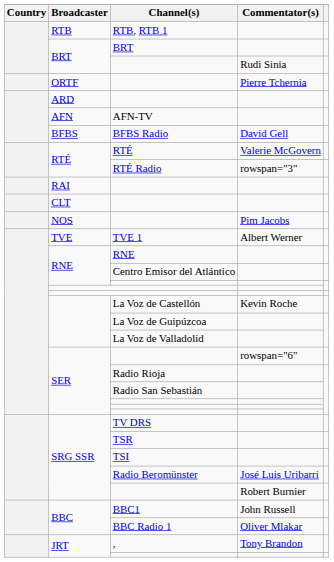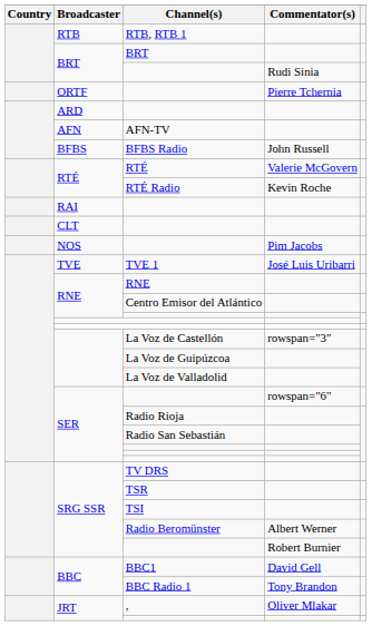 <table class="wikitable plainrowheaders">
 <tr>
 </tr>
 <tr>
 <th scope="col">Country</th>
 <th scope="col">Broadcaster</th>
 <th scope="col">Channel(s)</th>
 <th scope="col">Commentator(s)</th>
 <th scope="col"></th>
 </tr>
 <tr>
 <th scope="rowgroup" rowspan="3"></th>
 <td><a href='#'>RTB</a></td>
 <td><a href='#'>RTB</a>, <a href='#'>RTB 1</a></td>
 <td></td>
 <td style="text-align:center"></td>
 </tr>
 <tr>
 <td rowspan="2"><a href='#'>BRT</a></td>
 <td><a href='#'>BRT</a></td>
 <td></td>
 <td style="text-align:center"></td>
 </tr>
 <tr>
 <td></td>
 <td>Rudi Sinia</td>
 <td style="text-align:center"></td>
 </tr>
 <tr>
 <th scope="row"></th>
 <td><a href='#'>ORTF</a></td>
 <td></td>
 <td><a href='#'>Pierre Tchernia</a></td>
 <td style="text-align:center"></td>
 </tr>
 <tr>
 <th scope="rowgroup" rowspan="3"></th>
 <td><a href='#'>ARD</a></td>
 <td></td>
 <td></td>
 <td style="text-align:center"></td>
 </tr>
 <tr>
 <td><a href='#'>AFN</a></td>
 <td>AFN-TV</td>
 <td></td>
 <td style="text-align:center"></td>
 </tr>
 <tr>
 <td><a href='#'>BFBS</a></td>
 <td><a href='#'>BFBS Radio</a></td>
-<td><a href='#'>David Gell</a></td>
+<td>John Russell</td>
 <td style="text-align:center"></td>
 </tr>
 <tr>
 <th scope="rowgroup" rowspan="2"></th>
 <td rowspan="2"><a href='#'>RTÉ</a></td>
 <td><a href='#'>RTÉ</a></td>
 <td><a href='#'>Valerie McGovern</a></td>
 <td style="text-align:center"></td>
 </tr>
 <tr>
 <td><a href='#'>RTÉ Radio</a></td>
-<td>rowspan="3" </td>
+<td>Kevin Roche</td>
 <td style="text-align:center"></td>
 </tr>
 <tr>
 <th scope="row"></th>
 <td><a href='#'>RAI</a></td>
 <td></td>
 <td></td>
 <td style="text-align:center"></td>
 </tr>
 <tr>
 <th scope="row"></th>
 <td><a href='#'>CLT</a></td>
 <td></td>
 <td></td>
 <td style="text-align:center"></td>
 </tr>
 <tr>
 <th scope="row"></th>
 <td><a href='#'>NOS</a></td>
 <td></td>
 <td><a href='#'>Pim Jacobs</a></td>
 <td style="text-align:center"></td>
 </tr>
 <tr>
 <th scope="rowgroup" rowspan="15"></th>
 <td><a href='#'>TVE</a></td>
 <td><a href='#'>TVE 1</a></td>
-<td>Albert Werner</td>
+<td><a href='#'>José Luis Uribarri</a></td>
 <td style="text-align:center"></td>
 </tr>
 <tr>
 <td rowspan="3"><a href='#'>RNE</a></td>
 <td><a href='#'>RNE</a></td>
 <td></td>
 <td style="text-align:center"></td>
 </tr>
 <tr>
 <td>Centro Emisor del Atlántico</td>
 <td></td>
 <td style="text-align:center"></td>
 </tr>
 <tr>
 <td></td>
 <td></td>
 <td style="text-align:center" rowspan="2"></td>
 </tr>
 <tr>
 <td colspan="2"></td>
 <td></td>
 </tr>
 <tr>
 <td colspan="2"></td>
 <td></td>
 <td style="text-align:center"></td>
 </tr>
 <tr>
 <td rowspan="3"></td>
 <td>La Voz de Castellón</td>
-<td>Kevin Roche</td>
+<td>rowspan="3" </td>
 <td style="text-align:center"></td>
 </tr>
 <tr>
 <td>La Voz de Guipúzcoa</td>
 <td style="text-align:center"></td>
 </tr>
 <tr>
 <td>La Voz de Valladolid</td>
 <td style="text-align:center"></td>
 </tr>
 <tr>
 <td rowspan="6"><a href='#'>SER</a></td>
 <td></td>
 <td>rowspan="6" </td>
 <td style="text-align:center"></td>
 </tr>
 <tr>
 <td>Radio Rioja</td>
 <td style="text-align:center"></td>
 </tr>
 <tr>
 <td>Radio San Sebastián</td>
 <td style="text-align:center"></td>
 </tr>
 <tr>
 <td></td>
 <td style="text-align:center"></td>
 </tr>
 <tr>
 <td></td>
 <td style="text-align:center"></td>
 </tr>
 <tr>
 <td></td>
 <td style="text-align:center"></td>
 </tr>
 <tr>
 <th scope="rowgroup" rowspan="5"></th>
 <td rowspan="5"><a href='#'>SRG SSR</a></td>
 <td><a href='#'>TV DRS</a></td>
 <td></td>
 <td style="text-align:center"></td>
 </tr>
 <tr>
 <td><a href='#'>TSR</a></td>
 <td></td>
 <td style="text-align:center"></td>
 </tr>
 <tr>
 <td><a href='#'>TSI</a></td>
 <td></td>
 <td style="text-align:center"></td>
 </tr>
 <tr>
 <td><a href='#'>Radio Beromünster</a></td>
-<td><a href='#'>José Luis Uribarri</a></td>
+<td>Albert Werner</td>
 <td style="text-align:center"></td>
 </tr>
 <tr>
 <td></td>
 <td>Robert Burnier</td>
 <td style="text-align:center"></td>
 </tr>
 <tr>
 <th scope="rowgroup" rowspan="2"></th>
 <td rowspan="2"><a href='#'>BBC</a></td>
 <td><a href='#'>BBC1</a></td>
-<td>John Russell</td>
+<td><a href='#'>David Gell</a></td>
 <td style="text-align:center"></td>
 </tr>
 <tr>
 <td><a href='#'>BBC Radio 1</a></td>
-<td><a href='#'>Oliver Mlakar</a></td>
+<td><a href='#'>Tony Brandon</a></td>
 <td style="text-align:center"></td>
 </tr>
 <tr>
 <th scope="rowgroup" rowspan="2"></th>
 <td rowspan="2"><a href='#'>JRT</a></td>
 <td>, </td>
-<td><a href='#'>Tony Brandon</a></td>
+<td><a href='#'>Oliver Mlakar</a></td>
 <td style="text-align:center"></td>
 </tr>
 <tr>
 <td></td>
 <td></td>
 <td style="text-align:center"></td>
 </tr>
 </table>
